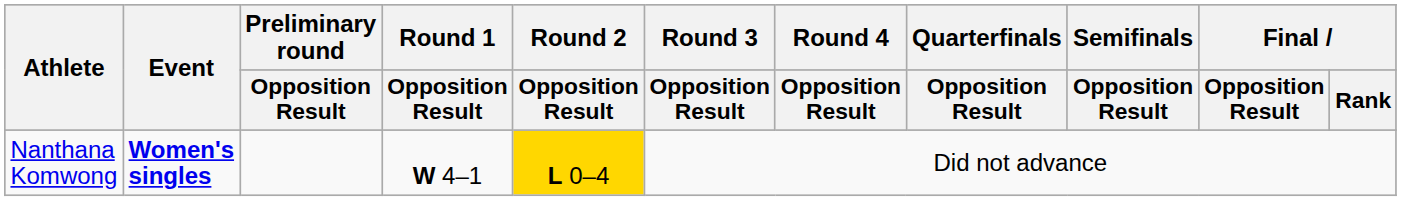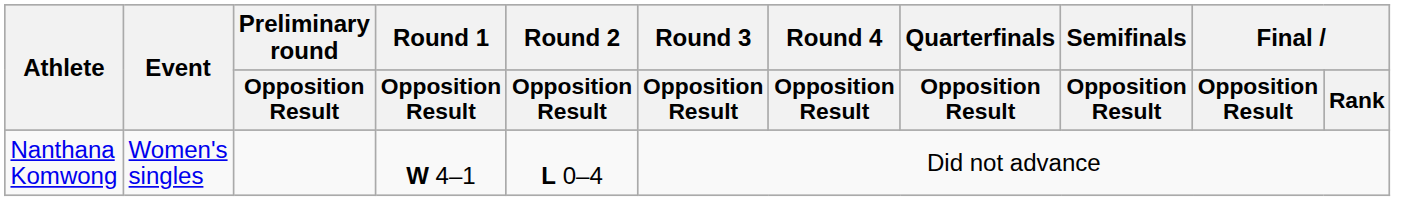 <table class="wikitable" style="font-size:90%">
 <tr>
 <th rowspan="2">Athlete</th>
 <th rowspan="2">Event</th>
 <th>Preliminary round</th>
 <th>Round 1</th>
 <th>Round 2</th>
 <th>Round 3</th>
 <th>Round 4</th>
 <th>Quarterfinals</th>
 <th>Semifinals</th>
 <th colspan=2>Final / </th>
 </tr>
 <tr style="font-size:95%">
 <th>Opposition<br>Result</th>
 <th>Opposition<br>Result</th>
 <th>Opposition<br>Result</th>
 <th>Opposition<br>Result</th>
 <th>Opposition<br>Result</th>
 <th>Opposition<br>Result</th>
 <th>Opposition<br>Result</th>
 <th>Opposition<br>Result</th>
 <th>Rank</th>
 </tr>
 <tr align=center>
 <td align=left><a href='#'>Nanthana Komwong</a></td>
-<td align=left><strong><a href='#'>Women's singles</a></strong></td>
+<td align=left><a href='#'>Women's singles</a></td>
 <td></td>
 <td><br><strong>W</strong> 4–1</td>
-<td style="background: gold;"><br><strong>L</strong> 0–4</td>
+<td><br><strong>L</strong> 0–4</td>
 <td colspan=6>Did not advance</td>
 </tr>
 </table>
